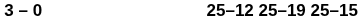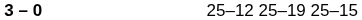 <table width=100% cellspacing=1>
 <tr>
 <th width=20%></th>
 <th width=12%></th>
 <th width=20%></th>
 <th width=33%></th>
 <td></td>
 </tr>
 <tr style=font-size:95%>
 <td align=right><strong></strong></td>
 <td align=center><strong>3 – 0</strong></td>
 <td></td>
-<td><strong>25–12 25–19 25–15</strong></td>
+<td>25–12 25–19 25–15</td>
 </tr>
 </table>
